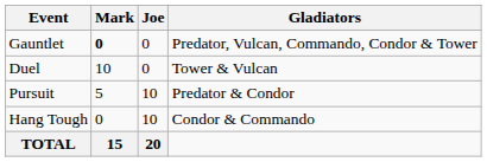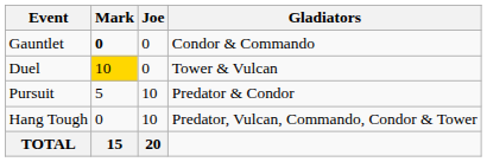 <table class="wikitable">
 <tr>
 <th>Event</th>
 <th>Mark</th>
 <th>Joe</th>
 <th>Gladiators</th>
 </tr>
 <tr>
 <td>Gauntlet</td>
 <td><strong>0</strong></td>
 <td>0</td>
-<td>Predator, Vulcan, Commando, Condor & Tower</td>
+<td>Condor & Commando</td>
 </tr>
 <tr>
 <td>Duel</td>
-<td>10</td>
+<td style="background: gold;">10</td>
 <td>0</td>
 <td>Tower & Vulcan</td>
 </tr>
 <tr>
 <td>Pursuit</td>
 <td>5</td>
 <td>10</td>
 <td>Predator & Condor</td>
 </tr>
 <tr>
 <td>Hang Tough</td>
 <td>0</td>
 <td>10</td>
-<td>Condor & Commando</td>
+<td>Predator, Vulcan, Commando, Condor & Tower</td>
 </tr>
 <tr>
 <th>TOTAL</th>
 <th>15</th>
 <th>20</th>
 </tr>
 </table>
